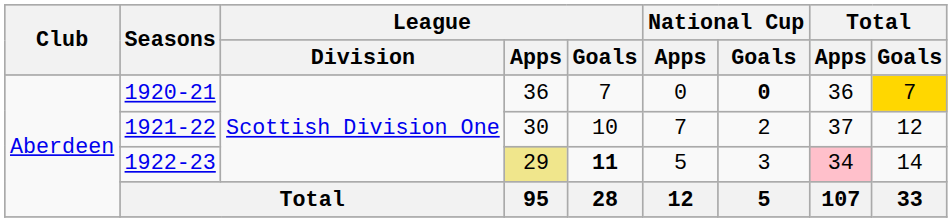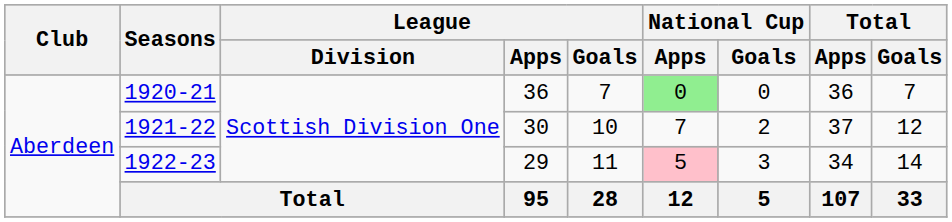 <table class="wikitable" style="text-align:center">
 <tr>
 <th rowspan="2">Club</th>
 <th rowspan="2">Seasons</th>
 <th colspan="3">League</th>
 <th colspan="2">National Cup</th>
 <th colspan="2">Total</th>
 </tr>
 <tr>
 <th>Division</th>
 <th>Apps</th>
 <th>Goals</th>
 <th>Apps</th>
 <th>Goals</th>
 <th>Apps</th>
 <th>Goals</th>
 </tr>
 <tr>
 <td rowspan="4"><a href='#'>Aberdeen</a></td>
 <td><a href='#'>1920-21</a></td>
 <td rowspan="3"><a href='#'>Scottish Division One</a></td>
 <td>36</td>
 <td>7</td>
+<td style="background: lightgreen;">0</td>
 <td>0</td>
-<td><strong>0</strong></td>
 <td>36</td>
-<td style="background: gold;">7</td>
+<td>7</td>
 </tr>
 <tr>
 <td><a href='#'>1921-22</a></td>
 <td>30</td>
 <td>10</td>
 <td>7</td>
 <td>2</td>
 <td>37</td>
 <td>12</td>
 </tr>
 <tr>
 <td><a href='#'>1922-23</a></td>
-<td style="background: khaki;">29</td>
-<td><strong>11</strong></td>
-<td>5</td>
+<td>29</td>
+<td>11</td>
+<td style="background: pink;">5</td>
 <td>3</td>
-<td style="background: pink;">34</td>
+<td>34</td>
 <td>14</td>
 </tr>
 <tr>
 <th colspan="2">Total</th>
 <th>95</th>
 <th>28</th>
 <th>12</th>
 <th>5</th>
 <th>107</th>
 <th>33</th>
 </tr>
 </table>
